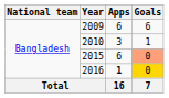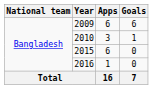 <table class="wikitable" style="text-align:center">
 <tr>
 <th>National team</th>
 <th>Year</th>
 <th>Apps</th>
 <th>Goals</th>
 </tr>
 <tr>
 <td rowspan=4><a href='#'>Bangladesh</a></td>
 <td>2009</td>
 <td>6</td>
 <td>6</td>
 </tr>
 <tr>
 <td>2010</td>
 <td>3</td>
 <td>1</td>
 </tr>
 <tr>
 <td>2015</td>
 <td>6</td>
-<td style="background: lightsalmon;">0</td>
+<td>0</td>
 </tr>
 <tr>
 <td>2016</td>
-<td><strong>1</strong></td>
-<td style="background: gold;">0</td>
+<td>1</td>
+<td>0</td>
 </tr>
 <tr>
 <th colspan=2>Total</th>
 <th>16</th>
 <th>7</th>
 </tr>
 </table>
